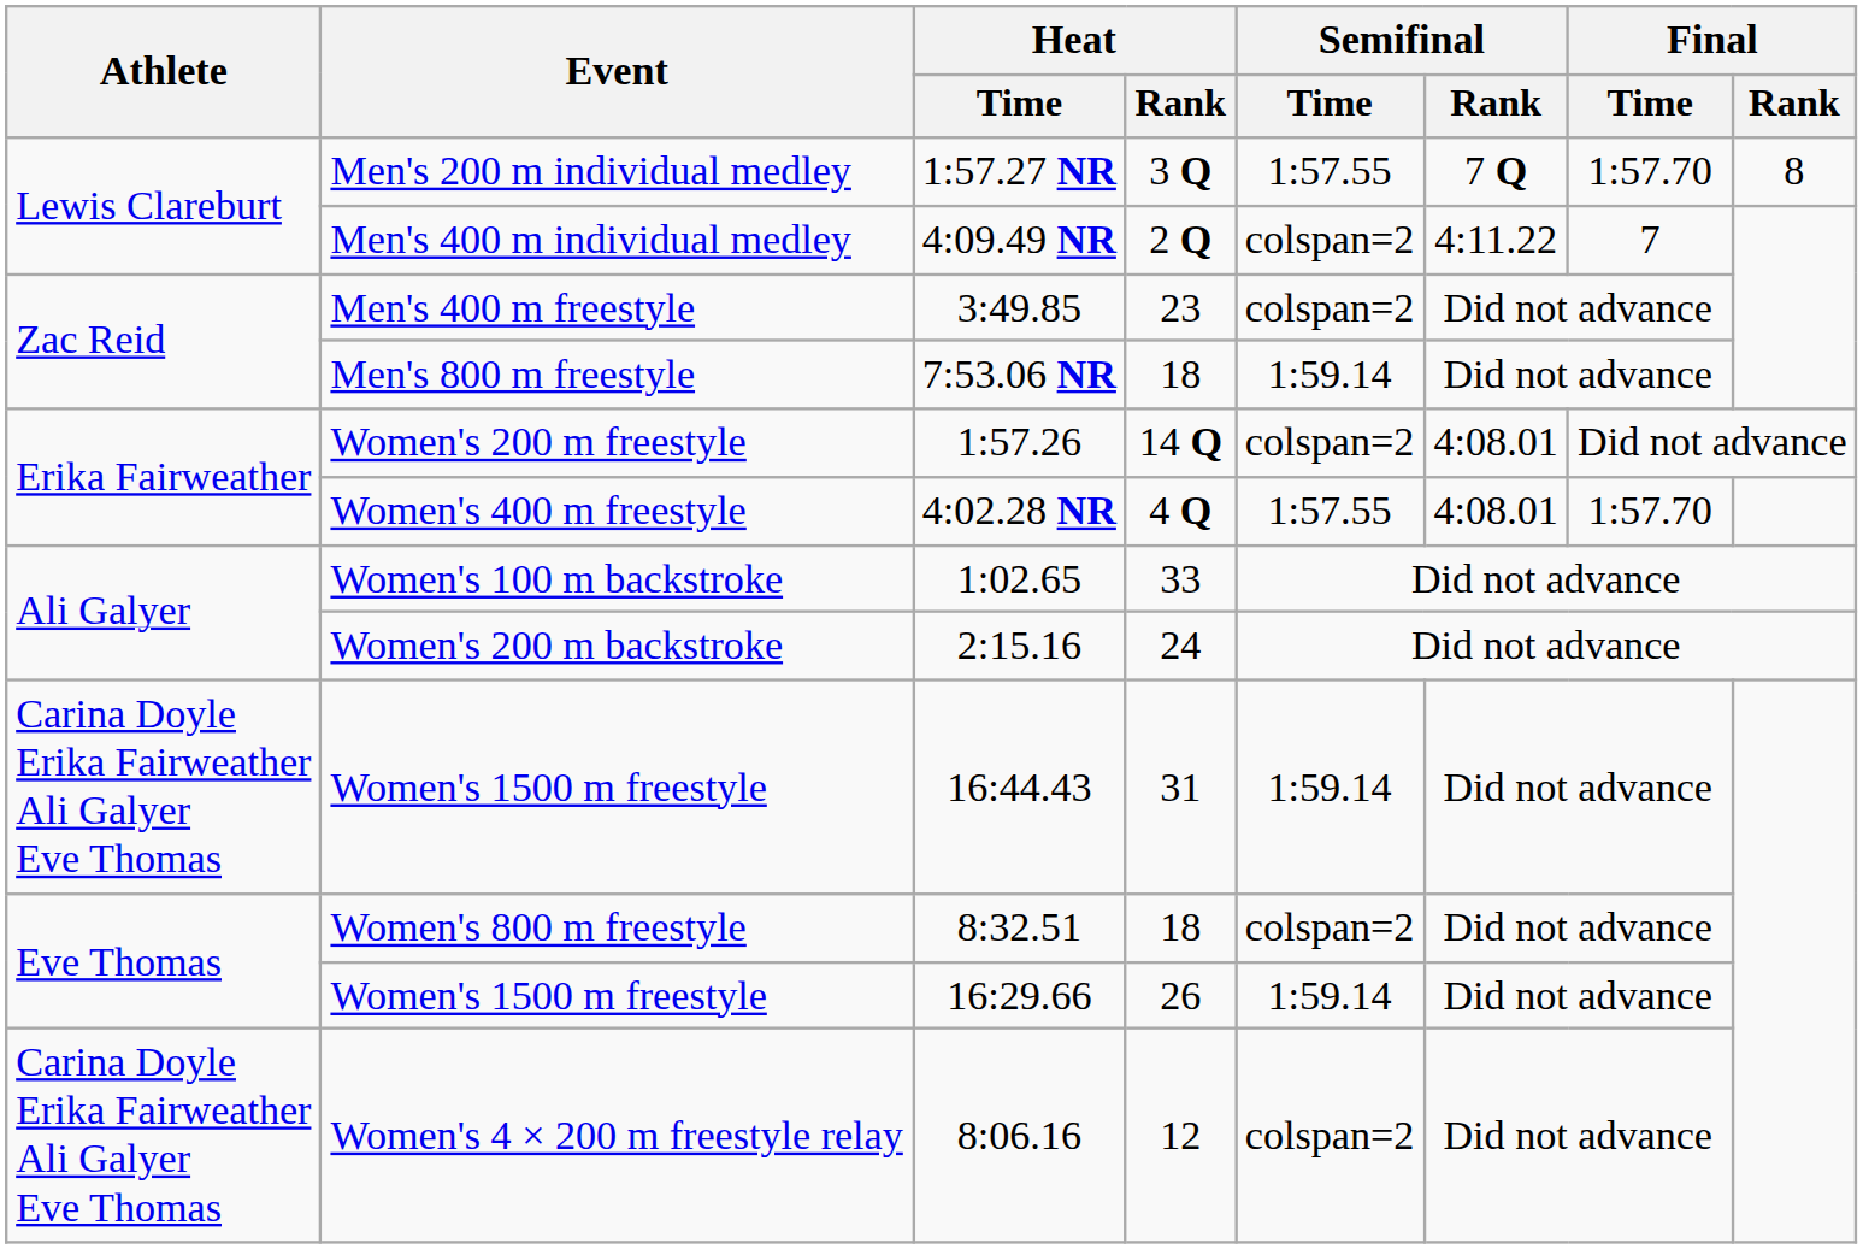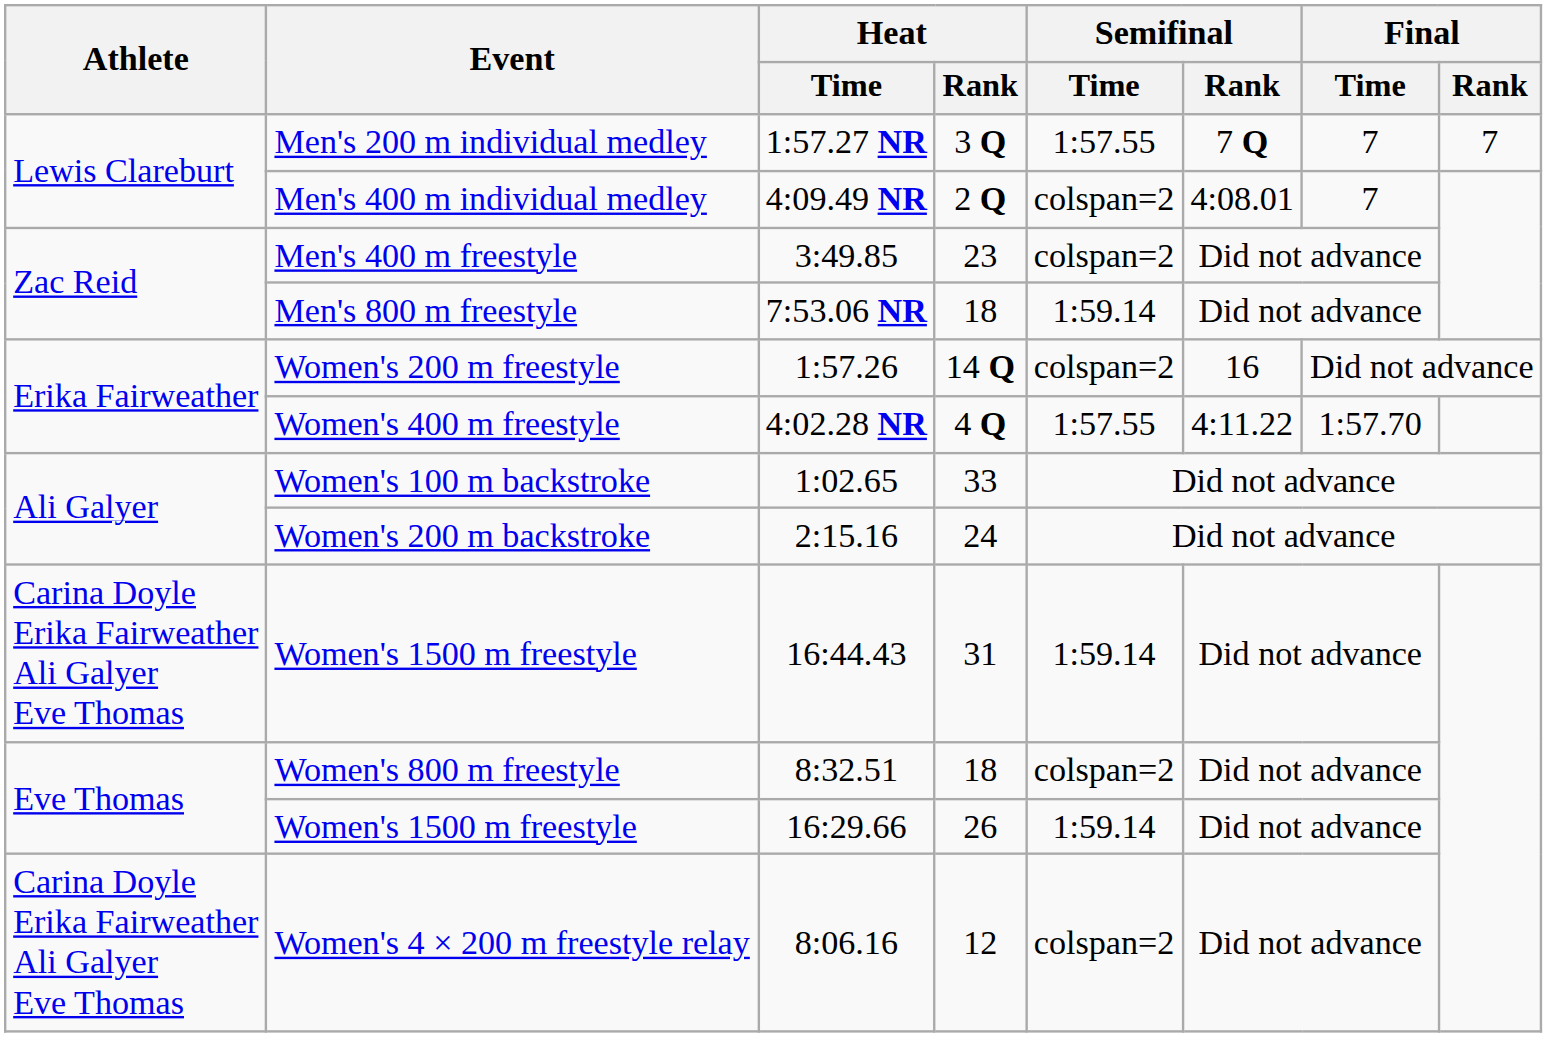 <table class=wikitable style=font-size:90%;text-align:center>
 <tr>
 <th rowspan=2>Athlete</th>
 <th rowspan=2>Event</th>
 <th colspan=2>Heat</th>
 <th colspan=2>Semifinal</th>
 <th colspan=2>Final</th>
 </tr>
 <tr style=font-size:95%>
 <th>Time</th>
 <th>Rank</th>
 <th>Time</th>
 <th>Rank</th>
 <th>Time</th>
 <th>Rank</th>
 </tr>
 <tr>
 <td align=left rowspan=2><a href='#'>Lewis Clareburt</a></td>
 <td align=left><a href='#'>Men's 200 m individual medley</a></td>
 <td>1:57.27 <strong><a href='#'>NR</a></strong></td>
 <td>3 <strong>Q</strong></td>
 <td>1:57.55</td>
 <td>7 <strong>Q</strong></td>
-<td>1:57.70</td>
-<td>8</td>
+<td>7</td>
+<td>7</td>
 </tr>
 <tr>
 <td align=left><a href='#'>Men's 400 m individual medley</a></td>
 <td>4:09.49 <strong><a href='#'>NR</a></strong></td>
 <td>2 <strong>Q</strong></td>
 <td>colspan=2 </td>
-<td>4:11.22</td>
+<td>4:08.01</td>
 <td>7</td>
 </tr>
 <tr>
 <td align=left rowspan=2><a href='#'>Zac Reid</a></td>
 <td align=left><a href='#'>Men's 400 m freestyle</a></td>
 <td>3:49.85</td>
 <td>23</td>
 <td>colspan=2 </td>
 <td colspan="2">Did not advance</td>
 </tr>
 <tr>
 <td align=left><a href='#'>Men's 800 m freestyle</a></td>
 <td>7:53.06 <strong><a href='#'>NR</a></strong></td>
 <td>18</td>
 <td>1:59.14</td>
 <td colspan="2">Did not advance</td>
 </tr>
 <tr>
 <td align=left rowspan=2><a href='#'>Erika Fairweather</a></td>
 <td align=left><a href='#'>Women's 200 m freestyle</a></td>
 <td>1:57.26</td>
 <td>14 <strong>Q</strong></td>
 <td>colspan=2 </td>
-<td>4:08.01</td>
+<td>16</td>
 <td colspan="2">Did not advance</td>
 </tr>
 <tr>
 <td align=left><a href='#'>Women's 400 m freestyle</a></td>
 <td>4:02.28 <strong><a href='#'>NR</a></strong></td>
 <td>4 <strong>Q</strong></td>
 <td>1:57.55</td>
-<td>4:08.01</td>
+<td>4:11.22</td>
 <td>1:57.70</td>
 </tr>
 <tr>
 <td align=left rowspan=2><a href='#'>Ali Galyer</a></td>
 <td align=left><a href='#'>Women's 100 m backstroke</a></td>
 <td>1:02.65</td>
 <td>33</td>
 <td colspan="4">Did not advance</td>
 </tr>
 <tr>
 <td align=left><a href='#'>Women's 200 m backstroke</a></td>
 <td>2:15.16</td>
 <td>24</td>
 <td colspan="4">Did not advance</td>
 </tr>
 <tr>
 <td align=left><a href='#'>Carina Doyle</a><br><a href='#'>Erika Fairweather</a><br><a href='#'>Ali Galyer</a><br><a href='#'>Eve Thomas</a></td>
 <td align=left><a href='#'>Women's 1500 m freestyle</a></td>
 <td>16:44.43</td>
 <td>31</td>
 <td>1:59.14</td>
 <td colspan="2">Did not advance</td>
 </tr>
 <tr>
 <td align=left rowspan=2><a href='#'>Eve Thomas</a></td>
 <td align=left><a href='#'>Women's 800 m freestyle</a></td>
 <td>8:32.51</td>
 <td>18</td>
 <td>colspan=2 </td>
 <td colspan="2">Did not advance</td>
 </tr>
 <tr>
 <td align=left><a href='#'>Women's 1500 m freestyle</a></td>
 <td>16:29.66</td>
 <td>26</td>
 <td>1:59.14</td>
 <td colspan="2">Did not advance</td>
 </tr>
 <tr>
 <td align=left><a href='#'>Carina Doyle</a><br><a href='#'>Erika Fairweather</a><br><a href='#'>Ali Galyer</a><br><a href='#'>Eve Thomas</a></td>
 <td align=left><a href='#'>Women's 4 × 200 m freestyle relay</a></td>
 <td>8:06.16</td>
 <td>12</td>
 <td>colspan=2 </td>
 <td colspan="2">Did not advance</td>
 </tr>
 </table>
